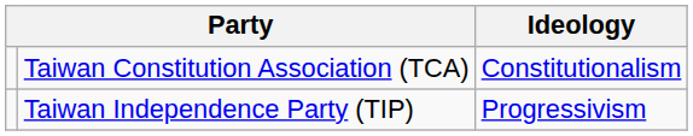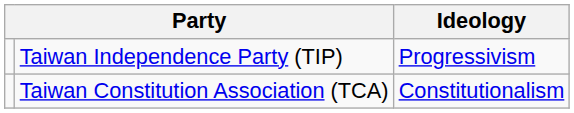 <table class="wikitable" style="text-align:left">
 <tr>
 <th colspan="2">Party</th>
 <th>Ideology</th>
 </tr>
 <tr>
 <td></td>
+<td><a href='#'>Taiwan Independence Party</a> (TIP)<br></td>
+<td><a href='#'>Progressivism</a></td>
+</tr>
+<tr>
+<td></td>
 <td><a href='#'>Taiwan Constitution Association</a> (TCA)<br></td>
 <td><a href='#'>Constitutionalism</a></td>
 </tr>
-<tr>
-<td></td>
-<td><a href='#'>Taiwan Independence Party</a> (TIP)<br></td>
-<td><a href='#'>Progressivism</a></td>
-</tr>
 </table>
